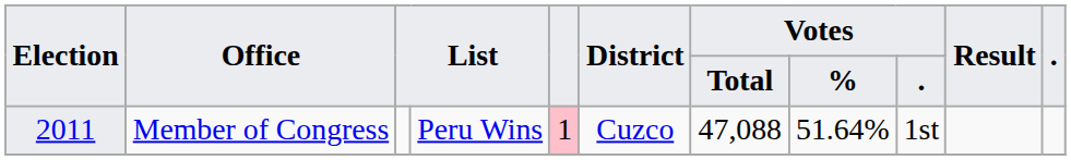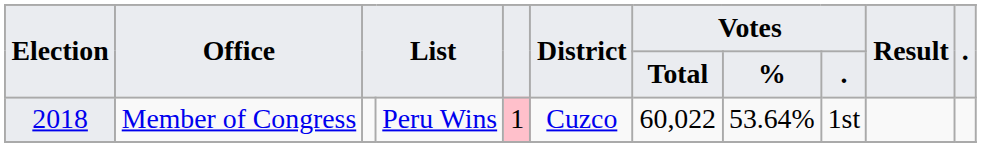 <table class="wikitable" style="font-size:90%; text-align:center;">
 <tr>
 <th style="background-color:#EAECF0;" rowspan=2>Election</th>
 <th style="background-color:#EAECF0;" rowspan=2>Office</th>
 <th style="background-color:#EAECF0;" colspan=2 rowspan=2>List</th>
 <th style="background-color:#EAECF0;" rowspan=2></th>
 <th style="background-color:#EAECF0;" rowspan=2>District</th>
 <th style="background-color:#EAECF0;" colspan=3>Votes</th>
 <th style="background-color:#EAECF0;" rowspan=2>Result</th>
 <th style="background-color:#EAECF0;" rowspan=2>.</th>
 </tr>
 <tr>
 <th style="background-color:#EAECF0;">Total</th>
 <th style="background-color:#EAECF0;">%</th>
 <th style="background-color:#EAECF0;">.</th>
 </tr>
 <tr>
-<td style="background-color:#EAECF0;"><a href='#'>2011</a></td>
+<td style="background-color:#EAECF0;"><a href='#'>2018</a></td>
 <td><a href='#'>Member of Congress</a></td>
 <td style="background-color:"></td>
 <td><a href='#'>Peru Wins</a></td>
 <td style="background: pink;">1</td>
 <td><a href='#'>Cuzco</a></td>
-<td>47,088</td>
-<td>51.64%</td>
+<td>60,022</td>
+<td>53.64%</td>
 <td>1st</td>
 <td></td>
 <td></td>
 </tr>
 <tr>
 </tr>
 </table>
